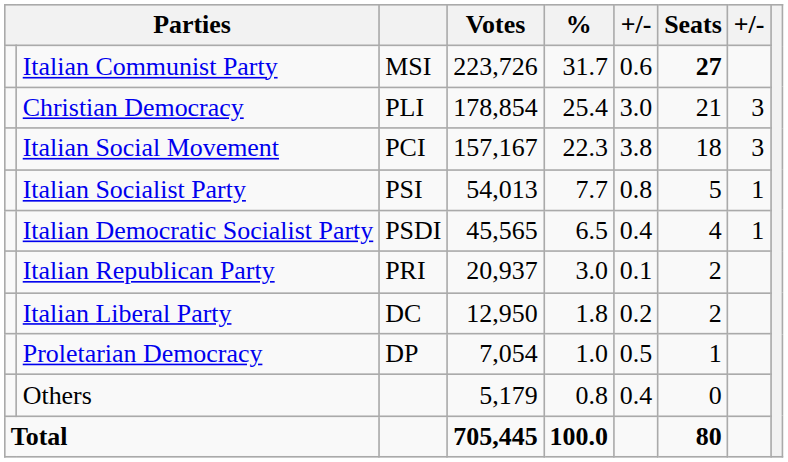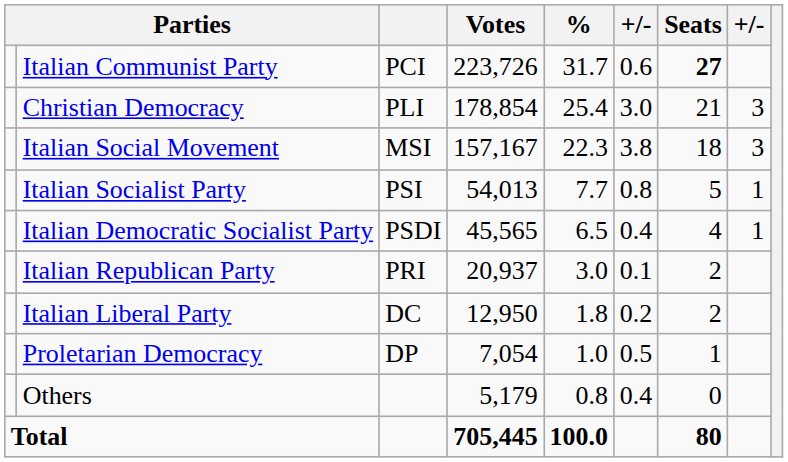 <table class="wikitable">
 <tr>
 <th colspan="2">Parties</th>
 <th></th>
 <th>Votes</th>
 <th>%</th>
 <th>+/-</th>
 <th>Seats</th>
 <th>+/-</th>
 <th rowspan="12"></th>
 </tr>
 <tr>
 <td style="background-color:"></td>
 <td><a href='#'>Italian Communist Party</a></td>
-<td>MSI</td>
+<td>PCI</td>
 <td align=right>223,726</td>
 <td align=right>31.7</td>
 <td align=right> 0.6</td>
 <td align=right><strong>27</strong></td>
 <td align=right></td>
 </tr>
 <tr>
 <td style="background-color:"></td>
 <td><a href='#'>Christian Democracy</a></td>
 <td>PLI</td>
 <td align=right>178,854</td>
 <td align=right>25.4</td>
 <td align=right> 3.0</td>
 <td align=right>21</td>
 <td align=right> 3</td>
 </tr>
 <tr>
 <td style="background-color:"></td>
 <td><a href='#'>Italian Social Movement</a></td>
-<td>PCI</td>
+<td>MSI</td>
 <td align=right>157,167</td>
 <td align=right>22.3</td>
 <td align=right> 3.8</td>
 <td align=right>18</td>
 <td align=right> 3</td>
 </tr>
 <tr>
 <td style="background-color:"></td>
 <td><a href='#'>Italian Socialist Party</a></td>
 <td>PSI</td>
 <td align=right>54,013</td>
 <td align=right>7.7</td>
 <td align=right> 0.8</td>
 <td align=right>5</td>
 <td align=right> 1</td>
 </tr>
 <tr>
 <td style="background-color:"></td>
 <td><a href='#'>Italian Democratic Socialist Party</a></td>
 <td>PSDI</td>
 <td align=right>45,565</td>
 <td align=right>6.5</td>
 <td align=right> 0.4</td>
 <td align=right>4</td>
 <td align=right> 1</td>
 </tr>
 <tr>
 <td style="background-color:"></td>
 <td><a href='#'>Italian Republican Party</a></td>
 <td>PRI</td>
 <td align=right>20,937</td>
 <td align=right>3.0</td>
 <td align=right> 0.1</td>
 <td align=right>2</td>
 <td align=right></td>
 </tr>
 <tr>
 <td style="background-color:"></td>
 <td><a href='#'>Italian Liberal Party</a></td>
 <td>DC</td>
 <td align=right>12,950</td>
 <td align=right>1.8</td>
 <td align=right> 0.2</td>
 <td align=right>2</td>
 <td align=right></td>
 </tr>
 <tr>
 <td style="background-color:"></td>
 <td><a href='#'>Proletarian Democracy</a></td>
 <td>DP</td>
 <td align=right>7,054</td>
 <td align=right>1.0</td>
 <td align=right> 0.5</td>
 <td align=right>1</td>
 <td align=right></td>
 </tr>
 <tr>
 <td style="background-color:"></td>
 <td>Others</td>
 <td></td>
 <td align=right>5,179</td>
 <td align=right>0.8</td>
 <td align=right> 0.4</td>
 <td align=right>0</td>
 <td align=right></td>
 </tr>
 <tr>
 <td colspan="2"><strong>Total</strong></td>
 <td></td>
 <td align=right><strong>705,445</strong></td>
 <td align=right><strong>100.0</strong></td>
 <td align=right></td>
 <td align=right><strong>80</strong></td>
 <td align=right></td>
 </tr>
 </table>
